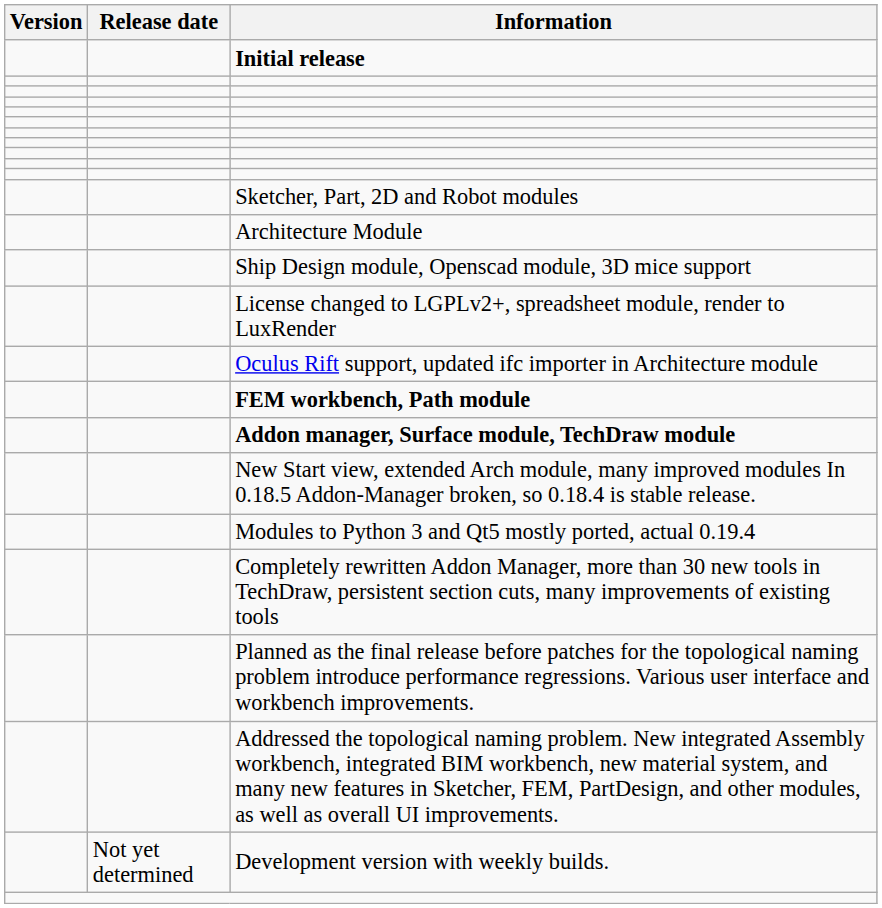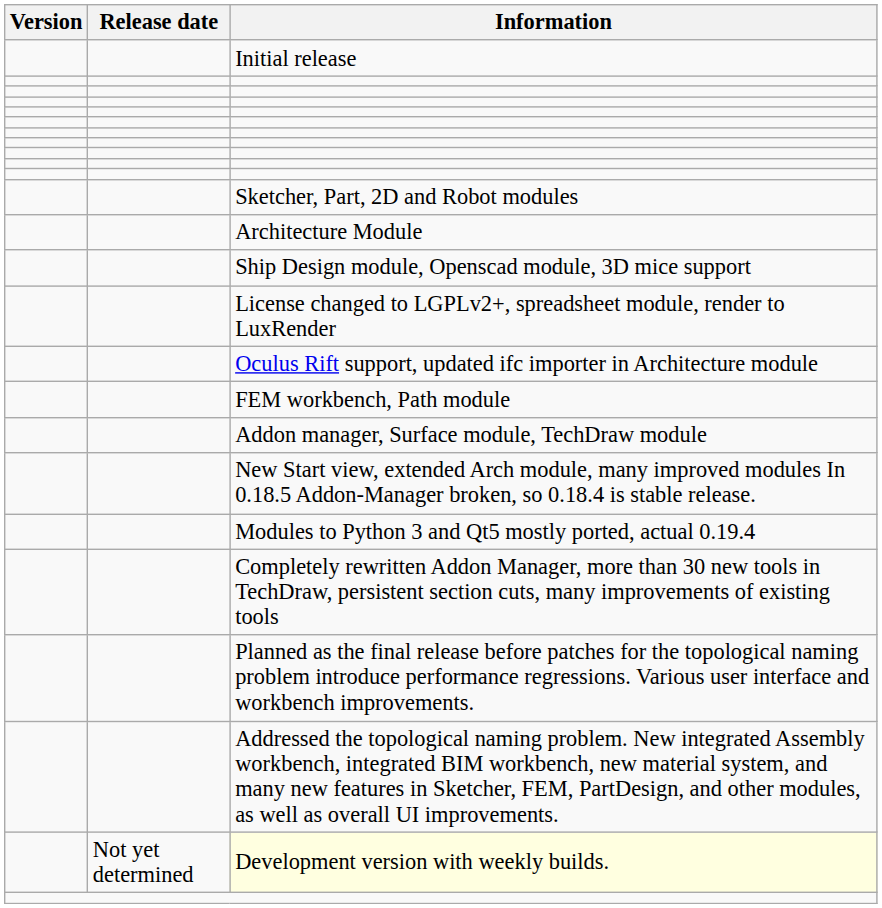 <table class="wikitable" style="margin: 0.4em 0 0.5em;">
 <tr>
 <th>Version</th>
 <th style="white-space: nowrap;">Release date</th>
 <th class="unsortable">Information</th>
 </tr>
 <tr>
 <td></td>
 <td></td>
-<td><strong>Initial release</strong></td>
+<td>Initial release</td>
 </tr>
 <tr>
 <td></td>
 <td></td>
 <td></td>
 </tr>
 <tr>
 <td></td>
 <td></td>
 <td></td>
 </tr>
 <tr>
 <td></td>
 <td></td>
 <td></td>
 </tr>
 <tr>
 <td></td>
 <td></td>
 <td></td>
 </tr>
 <tr>
 <td></td>
 <td></td>
 <td></td>
 </tr>
 <tr>
 <td></td>
 <td></td>
 <td></td>
 </tr>
 <tr>
 <td></td>
 <td></td>
 </tr>
 <tr>
 <td></td>
 <td></td>
 <td></td>
 </tr>
 <tr>
 <td></td>
 <td></td>
 <td></td>
 </tr>
 <tr>
 <td></td>
 <td></td>
 <td></td>
 </tr>
 <tr>
 <td></td>
 <td></td>
 <td>Sketcher, Part, 2D and Robot modules</td>
 </tr>
 <tr>
 <td></td>
 <td></td>
 <td>Architecture Module</td>
 </tr>
 <tr>
 <td></td>
 <td></td>
 <td>Ship Design module, Openscad module, 3D mice support</td>
 </tr>
 <tr>
 <td></td>
 <td></td>
 <td>License changed to LGPLv2+, spreadsheet module, render to LuxRender</td>
 </tr>
 <tr>
 <td></td>
 <td></td>
 <td><a href='#'>Oculus Rift</a> support, updated ifc importer in Architecture module</td>
 </tr>
 <tr>
 <td></td>
 <td></td>
-<td><strong>FEM workbench, Path module</strong></td>
+<td>FEM workbench, Path module</td>
 </tr>
 <tr>
 <td></td>
 <td></td>
-<td><strong>Addon manager, Surface module, TechDraw module</strong></td>
+<td>Addon manager, Surface module, TechDraw module</td>
 </tr>
 <tr>
 <td></td>
 <td></td>
 <td>New Start view, extended Arch module, many improved modules In 0.18.5 Addon-Manager broken, so 0.18.4 is stable release.</td>
 </tr>
 <tr>
 <td></td>
 <td></td>
 <td>Modules to Python 3 and Qt5 mostly ported, actual 0.19.4</td>
 </tr>
 <tr>
 <td></td>
 <td></td>
 <td>Completely rewritten Addon Manager, more than 30 new tools in TechDraw, persistent section cuts, many improvements of existing tools</td>
 </tr>
 <tr>
 <td></td>
 <td></td>
 <td>Planned as the final release before patches for the topological naming problem introduce performance regressions. Various user interface and workbench improvements.</td>
 </tr>
 <tr>
 <td></td>
 <td></td>
 <td>Addressed the topological naming problem. New integrated Assembly workbench, integrated BIM workbench, new material system, and many new features in Sketcher, FEM, PartDesign, and other modules, as well as overall UI improvements.</td>
 </tr>
 <tr>
 <td></td>
 <td>Not yet determined</td>
-<td>Development version with weekly builds.</td>
+<td style="background: lightyellow;">Development version with weekly builds.</td>
 </tr>
 <tr class="sortbottom">
 <td colspan="4"></td>
 </tr>
 </table>
